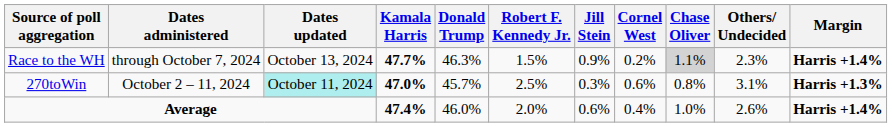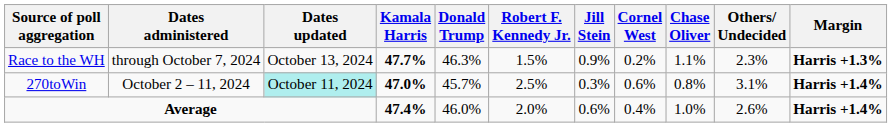 <table class="wikitable sortable mw-datatable" style="text-align:center;font-size:90%;line-height:17px">
 <tr>
 <th>Source of poll<br>aggregation</th>
 <th>Dates<br>administered</th>
 <th>Dates<br>updated</th>
 <th class="unsortable"><a href='#'>Kamala <br>Harris</a><br><small></small></th>
 <th class="unsortable"><a href='#'>Donald<br>Trump</a><br><small></small></th>
 <th class="unsortable"><a href='#'>Robert F.<br>Kennedy Jr.</a><br><small></small></th>
 <th class="unsortable"><a href='#'>Jill<br>Stein</a><br><small></small></th>
 <th class="unsortable"><a href='#'>Cornel<br>West</a><br><small></small></th>
 <th class="unsortable"><a href='#'>Chase<br>Oliver</a><br><small></small></th>
 <th class="unsortable">Others/<br>Undecided<br></th>
 <th>Margin</th>
 </tr>
 <tr>
 <td><a href='#'>Race to the WH</a></td>
 <td>through October 7, 2024</td>
 <td>October 13, 2024</td>
 <td style="color:black;background-color:"><strong>47.7%</strong></td>
 <td>46.3%</td>
 <td>1.5%</td>
 <td>0.9%</td>
 <td>0.2%</td>
-<td style="background: lightgrey;">1.1%</td>
+<td>1.1%</td>
 <td>2.3%</td>
-<td style="color:black;background-color:"><strong>Harris +1.4%</strong></td>
+<td style="color:black;background-color:"><strong>Harris +1.3%</strong></td>
 </tr>
 <tr>
 <td><a href='#'>270toWin</a></td>
 <td>October 2 – 11, 2024</td>
 <td style="background: paleturquoise;">October 11, 2024</td>
 <td style="color:black;background-color:"><strong>47.0%</strong></td>
 <td>45.7%</td>
 <td>2.5%</td>
 <td>0.3%</td>
 <td>0.6%</td>
 <td>0.8%</td>
 <td>3.1%</td>
-<td style="color:black;background-color:"><strong>Harris +1.3%</strong></td>
+<td style="color:black;background-color:"><strong>Harris +1.4%</strong></td>
 </tr>
 <tr>
 <td colspan="3"><strong>Average</strong></td>
 <td style="color:black;background-color:"><strong>47.4%</strong></td>
 <td>46.0%</td>
 <td>2.0%</td>
 <td>0.6%</td>
 <td>0.4%</td>
 <td>1.0%</td>
 <td>2.6%</td>
 <td style="color:black;background-color:"><strong>Harris +1.4%</strong></td>
 </tr>
 </table>
